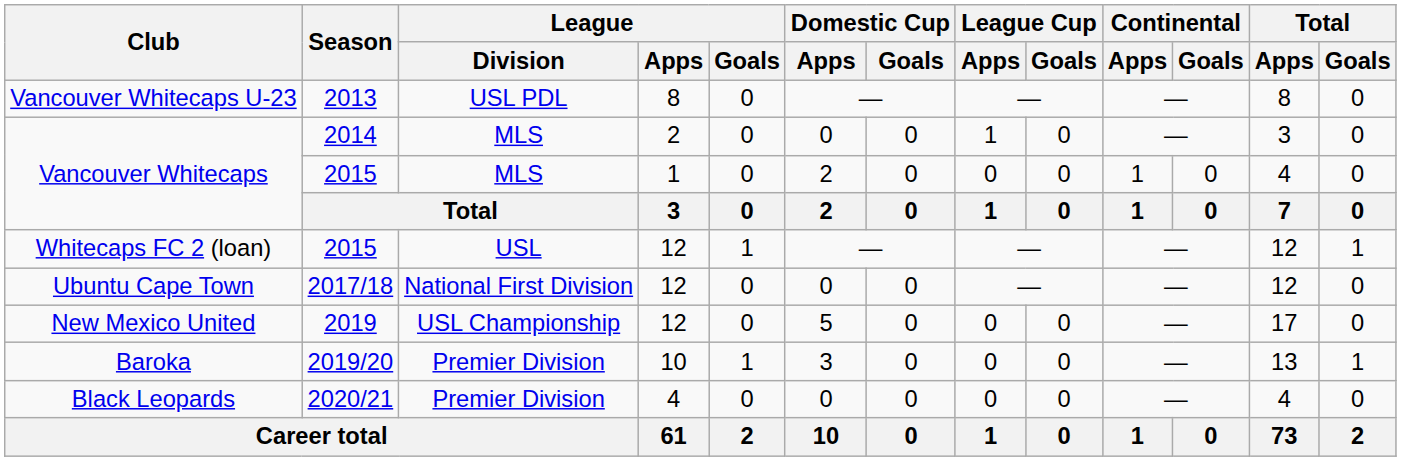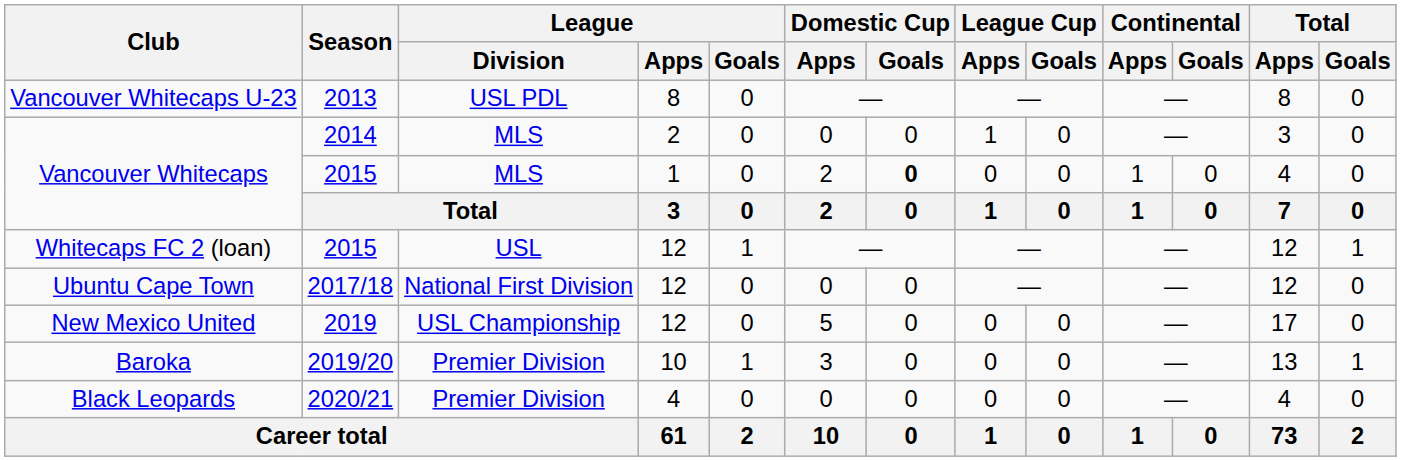 <table class="wikitable" style="text-align: center;">
 <tr>
 <th rowspan="2">Club</th>
 <th rowspan="2">Season</th>
 <th colspan="3">League</th>
 <th colspan="2">Domestic Cup</th>
 <th colspan="2">League Cup</th>
 <th colspan="2">Continental</th>
 <th colspan="2">Total</th>
 </tr>
 <tr>
 <th>Division</th>
 <th>Apps</th>
 <th>Goals</th>
 <th>Apps</th>
 <th>Goals</th>
 <th>Apps</th>
 <th>Goals</th>
 <th>Apps</th>
 <th>Goals</th>
 <th>Apps</th>
 <th>Goals</th>
 </tr>
 <tr>
 <td><a href='#'>Vancouver Whitecaps U-23</a></td>
 <td><a href='#'>2013</a></td>
 <td><a href='#'>USL PDL</a></td>
 <td>8</td>
 <td>0</td>
 <td colspan="2">—</td>
 <td colspan="2">—</td>
 <td colspan="2">—</td>
 <td>8</td>
 <td>0</td>
 </tr>
 <tr>
 <td rowspan="3"><a href='#'>Vancouver Whitecaps</a></td>
 <td><a href='#'>2014</a></td>
 <td><a href='#'>MLS</a></td>
 <td>2</td>
 <td>0</td>
 <td>0</td>
 <td>0</td>
 <td>1</td>
 <td>0</td>
 <td colspan="2">—</td>
 <td>3</td>
 <td>0</td>
 </tr>
 <tr>
 <td><a href='#'>2015</a></td>
 <td><a href='#'>MLS</a></td>
 <td>1</td>
 <td>0</td>
 <td>2</td>
-<td>0</td>
+<td><strong>0</strong></td>
 <td>0</td>
 <td>0</td>
 <td>1</td>
 <td>0</td>
 <td>4</td>
 <td>0</td>
 </tr>
 <tr>
 <th colspan="2">Total</th>
 <th>3</th>
 <th>0</th>
 <th>2</th>
 <th>0</th>
 <th>1</th>
 <th>0</th>
 <th>1</th>
 <th>0</th>
 <th>7</th>
 <th>0</th>
 </tr>
 <tr>
 <td><a href='#'>Whitecaps FC 2</a> (loan)</td>
 <td><a href='#'>2015</a></td>
 <td><a href='#'>USL</a></td>
 <td>12</td>
 <td>1</td>
 <td colspan="2">—</td>
 <td colspan="2">—</td>
 <td colspan="2">—</td>
 <td>12</td>
 <td>1</td>
 </tr>
 <tr>
 <td><a href='#'>Ubuntu Cape Town</a></td>
 <td><a href='#'>2017/18</a></td>
 <td><a href='#'>National First Division</a></td>
 <td>12</td>
 <td>0</td>
 <td>0</td>
 <td>0</td>
 <td colspan="2">—</td>
 <td colspan="2">—</td>
 <td>12</td>
 <td>0</td>
 </tr>
 <tr>
 <td><a href='#'>New Mexico United</a></td>
 <td><a href='#'>2019</a></td>
 <td><a href='#'>USL Championship</a></td>
 <td>12</td>
 <td>0</td>
 <td>5</td>
 <td>0</td>
 <td>0</td>
 <td>0</td>
 <td colspan="2">—</td>
 <td>17</td>
 <td>0</td>
 </tr>
 <tr>
 <td><a href='#'>Baroka</a></td>
 <td><a href='#'>2019/20</a></td>
 <td><a href='#'>Premier Division</a></td>
 <td>10</td>
 <td>1</td>
 <td>3</td>
 <td>0</td>
 <td>0</td>
 <td>0</td>
 <td colspan="2">—</td>
 <td>13</td>
 <td>1</td>
 </tr>
 <tr>
 <td><a href='#'>Black Leopards</a></td>
 <td><a href='#'>2020/21</a></td>
 <td><a href='#'>Premier Division</a></td>
 <td>4</td>
 <td>0</td>
 <td>0</td>
 <td>0</td>
 <td>0</td>
 <td>0</td>
 <td colspan="2">—</td>
 <td>4</td>
 <td>0</td>
 </tr>
 <tr>
 <th colspan="3">Career total</th>
 <th>61</th>
 <th>2</th>
 <th>10</th>
 <th>0</th>
 <th>1</th>
 <th>0</th>
 <th>1</th>
 <th>0</th>
 <th>73</th>
 <th>2</th>
 </tr>
 </table>
